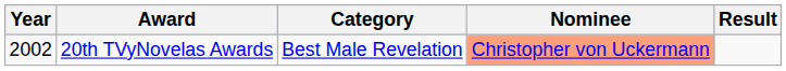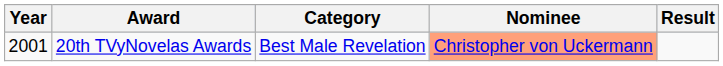 <table class="wikitable">
 <tr style="background:#b0c4de;">
 <th>Year</th>
 <th>Award</th>
 <th>Category</th>
 <th>Nominee</th>
 <th>Result</th>
 </tr>
 <tr>
-<td>2002</td>
+<td>2001</td>
 <td><a href='#'>20th TVyNovelas Awards</a></td>
 <td><a href='#'>Best Male Revelation</a></td>
 <td style="background: lightsalmon;"><a href='#'>Christopher von Uckermann</a></td>
 <td></td>
 </tr>
 </table>
